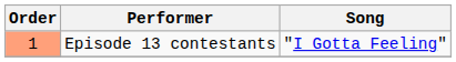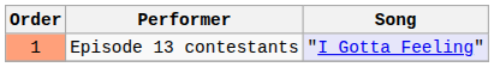 <table class="wikitable" style="text-align:center">
 <tr>
 <th>Order</th>
 <th>Performer</th>
 <th>Song</th>
 </tr>
 <tr>
 <td style="background: lightsalmon;">1</td>
 <td>Episode 13 contestants</td>
-<td>"<a href='#'>I Gotta Feeling</a>"</td>
+<td style="background: lavender;">"<a href='#'>I Gotta Feeling</a>"</td>
 </tr>
 <tr>
 </tr>
 </table>
